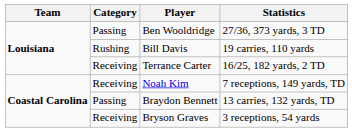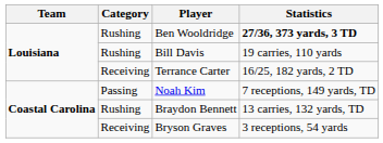 <table class="wikitable" style="float: right;">
 <tr>
 <th>Team</th>
 <th>Category</th>
 <th>Player</th>
 <th>Statistics</th>
 </tr>
 <tr>
 <td rowspan=3><strong>Louisiana</strong></td>
-<td>Passing</td>
+<td>Rushing</td>
 <td>Ben Wooldridge</td>
-<td>27/36, 373 yards, 3 TD</td>
+<td><strong>27/36, 373 yards, 3 TD</strong></td>
 </tr>
 <tr>
 <td>Rushing</td>
 <td>Bill Davis</td>
 <td>19 carries, 110 yards</td>
 </tr>
 <tr>
 <td>Receiving</td>
 <td>Terrance Carter</td>
 <td>16/25, 182 yards, 2 TD</td>
 </tr>
 <tr>
 <td rowspan=3><strong>Coastal Carolina</strong></td>
-<td>Receiving</td>
+<td>Passing</td>
 <td><a href='#'>Noah Kim</a></td>
 <td>7 receptions, 149 yards, TD</td>
 </tr>
 <tr>
-<td>Passing</td>
+<td>Rushing</td>
 <td>Braydon Bennett</td>
 <td>13 carries, 132 yards, TD</td>
 </tr>
 <tr>
 <td>Receiving</td>
 <td>Bryson Graves</td>
 <td>3 receptions, 54 yards</td>
 </tr>
 </table>
